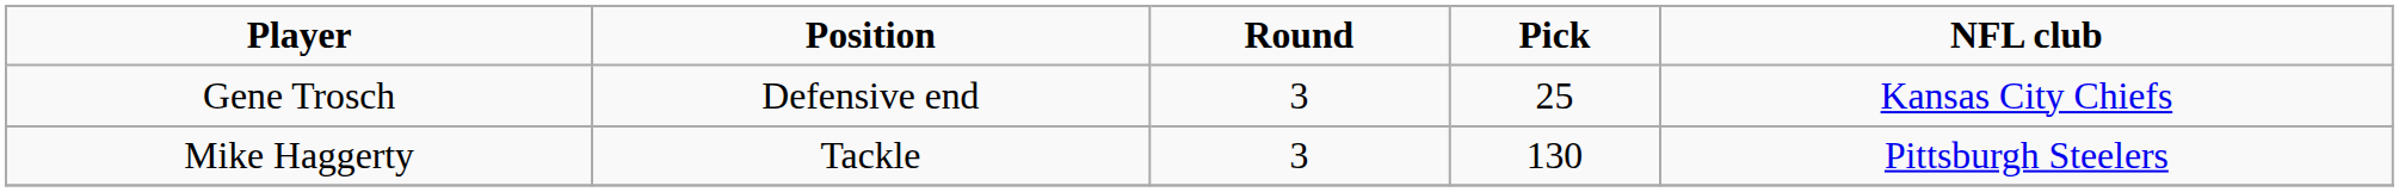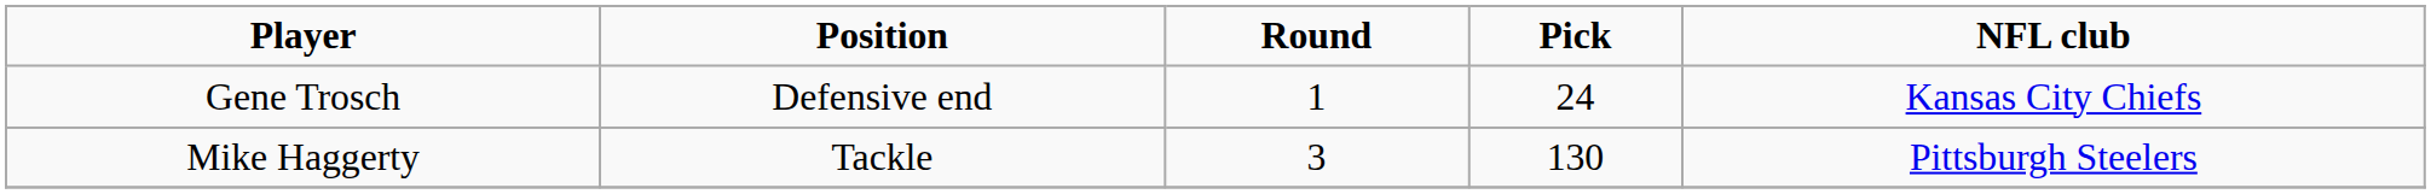 <table class="wikitable" width="80%">
 <tr align="center">
 <td><strong>Player</strong></td>
 <td><strong>Position</strong></td>
 <td><strong>Round</strong></td>
 <td><strong>Pick</strong></td>
 <td><strong>NFL club</strong></td>
 </tr>
 <tr align="center" bgcolor="">
 <td>Gene Trosch</td>
 <td>Defensive end</td>
-<td>3</td>
-<td>25</td>
+<td>1</td>
+<td>24</td>
 <td><a href='#'>Kansas City Chiefs</a></td>
 </tr>
 <tr align="center" bgcolor="">
 <td>Mike Haggerty</td>
 <td>Tackle</td>
 <td>3</td>
 <td>130</td>
 <td><a href='#'>Pittsburgh Steelers</a></td>
 </tr>
 <tr align="center" bgcolor="">
 </tr>
 </table>
